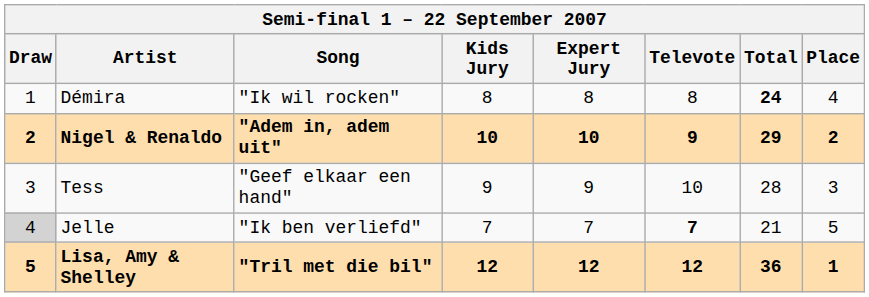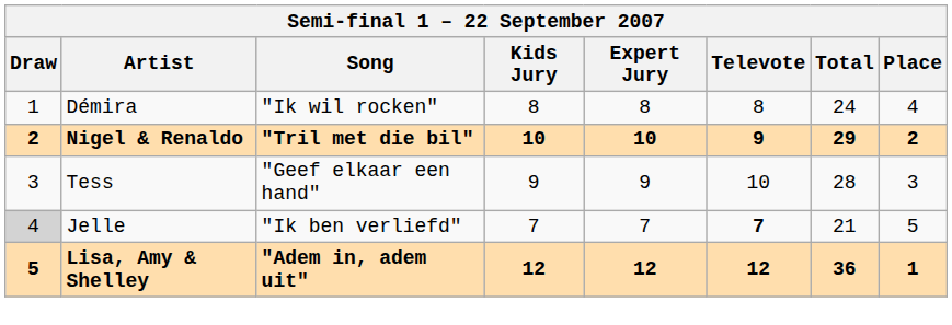 <table class="sortable wikitable" style="margin: 1em auto 1em auto; text-align:center;">
 <tr>
 <th colspan="8">Semi-final 1 – <strong>22 September 2007</strong></th>
 </tr>
 <tr bgcolor="#CCCCCC">
 <th>Draw</th>
 <th>Artist</th>
 <th>Song</th>
 <th>Kids Jury</th>
 <th>Expert Jury</th>
 <th>Televote</th>
 <th>Total</th>
 <th>Place</th>
 </tr>
 <tr>
 <td>1</td>
 <td align="left">Démira</td>
 <td align="left">"Ik wil rocken"</td>
 <td>8</td>
 <td>8</td>
 <td>8</td>
-<td><strong>24</strong></td>
+<td>24</td>
 <td>4</td>
 </tr>
 <tr style="font-weight:bold; background:#FFDEAD;">
 <td><strong>2</strong></td>
 <td align="left"><strong>Nigel & Renaldo</strong></td>
-<td align="left"><strong>"Adem in, adem uit"</strong></td>
+<td align="left"><strong>"Tril met die bil"</strong></td>
 <td><strong>10</strong></td>
 <td><strong>10</strong></td>
 <td><strong>9</strong></td>
 <td><strong>29</strong></td>
 <td>2</td>
 </tr>
 <tr>
 <td>3</td>
 <td align="left">Tess</td>
 <td align="left">"Geef elkaar een hand"</td>
 <td>9</td>
 <td>9</td>
 <td>10</td>
 <td>28</td>
 <td>3</td>
 </tr>
 <tr>
 <td style="background: lightgrey;">4</td>
 <td align="left">Jelle</td>
 <td align="left">"Ik ben verliefd"</td>
 <td>7</td>
 <td>7</td>
 <td><strong>7</strong></td>
 <td>21</td>
 <td>5</td>
 </tr>
 <tr style="font-weight:bold; background:#FFDEAD;">
 <td>5</td>
 <td align="left"><strong>Lisa, Amy & Shelley</strong></td>
-<td align="left"><strong>"Tril met die bil"</strong></td>
+<td align="left"><strong>"Adem in, adem uit"</strong></td>
 <td><strong>12</strong></td>
 <td><strong>12</strong></td>
 <td><strong>12</strong></td>
 <td><strong>36</strong></td>
 <td>1</td>
 </tr>
 </table>
